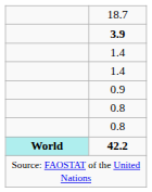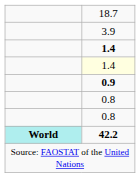 <table class="wikitable" style="float:right; width:12em; text-align:center;">
 <tr>
 <td></td>
 <td>18.7</td>
 </tr>
 <tr>
 <td></td>
-<td><strong>3.9</strong></td>
+<td>3.9</td>
 </tr>
 <tr>
 <td></td>
-<td>1.4</td>
+<td><strong>1.4</strong></td>
 </tr>
 <tr>
 <td></td>
-<td>1.4</td>
+<td style="background: lightyellow;">1.4</td>
 </tr>
 <tr>
 <td></td>
-<td>0.9</td>
+<td><strong>0.9</strong></td>
 </tr>
 <tr>
 <td></td>
 <td>0.8</td>
 </tr>
 <tr>
 <td></td>
 <td>0.8</td>
 </tr>
 <tr>
 <td style="background: paleturquoise;"><strong>World</strong></td>
 <td><strong>42.2</strong></td>
 </tr>
 <tr>
 <td colspan="2" style="text-align: center;"><small>Source: <a href='#'>FAOSTAT</a> of the <a href='#'>United Nations</a></small></td>
 </tr>
 </table>
